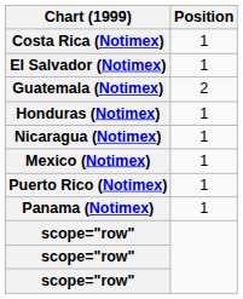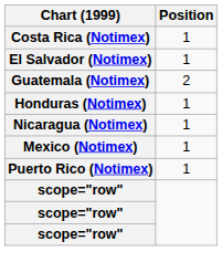 <table class="wikitable plainrowheaders sortable" style="text-align:center;">
 <tr>
 <th scope="col">Chart (1999)</th>
 <th scope="col">Position</th>
 </tr>
 <tr>
 <th scope="row">Costa Rica (<a href='#'>Notimex</a>)</th>
 <td>1</td>
 </tr>
 <tr>
 <th scope="row">El Salvador (<a href='#'>Notimex</a>)</th>
 <td>1</td>
 </tr>
 <tr>
 <th scope="row">Guatemala (<a href='#'>Notimex</a>)</th>
 <td>2</td>
 </tr>
 <tr>
 <th scope="row">Honduras (<a href='#'>Notimex</a>)</th>
 <td>1</td>
 </tr>
 <tr>
 <th scope="row">Nicaragua (<a href='#'>Notimex</a>)</th>
 <td>1</td>
 </tr>
 <tr>
 <th scope="row">Mexico (<a href='#'>Notimex</a>)</th>
 <td>1</td>
 </tr>
 <tr>
 <th scope="row">Puerto Rico (<a href='#'>Notimex</a>)</th>
 <td>1</td>
 </tr>
 <tr>
-<th scope="row">Panama (<a href='#'>Notimex</a>)</th>
-<td>1</td>
-</tr>
-<tr>
 <th>scope="row"</th>
 </tr>
 <tr>
 <th>scope="row"</th>
 </tr>
 <tr>
 <th>scope="row"</th>
 </tr>
 </table>
